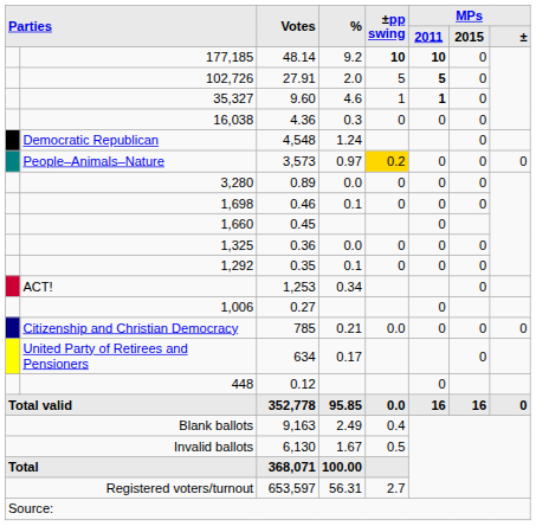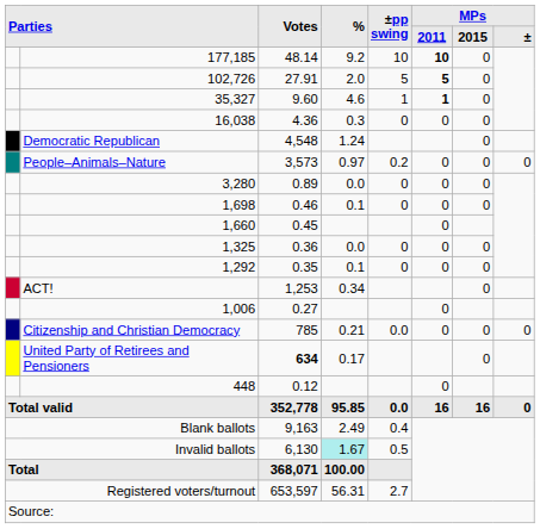 <table class="wikitable" style="text-align:right; font-size:95%;">
 <tr>
 <th rowspan="2" colspan="2" style="background:#e9e9e9; text-align:left;" alignleft><a href='#'>Parties</a></th>
 <th rowspan="2" style="background:#e9e9e9; text-align:right;">Votes</th>
 <th rowspan="2" style="background:#e9e9e9; text-align:right;">%</th>
 <th rowspan="2" style="background:#e9e9e9; text-align:right;">±<a href='#'>pp</a> <a href='#'>swing</a></th>
 <th colspan="3" style="background:#e9e9e9; text-align:center;"><a href='#'>MPs</a></th>
 </tr>
 <tr style="background-color:#E9E9E9">
 <th style="background-color:#E9E9E9;text-align:center;"><a href='#'>2011</a></th>
 <th style="background-color:#E9E9E9;text-align:center;">2015</th>
 <th style="background:#e9e9e9; text-align:right;">±</th>
 </tr>
 <tr>
 <td> </td>
 <td>177,185</td>
 <td>48.14</td>
 <td>9.2</td>
-<td><strong>10</strong></td>
+<td>10</td>
 <td><strong>10</strong></td>
 <td>0</td>
 </tr>
 <tr>
 <td></td>
 <td>102,726</td>
 <td>27.91</td>
 <td>2.0</td>
 <td>5</td>
 <td><strong>5</strong></td>
 <td>0</td>
 </tr>
 <tr>
 <td></td>
 <td>35,327</td>
 <td>9.60</td>
 <td>4.6</td>
 <td>1</td>
 <td><strong>1</strong></td>
 <td>0</td>
 </tr>
 <tr>
 <td></td>
 <td>16,038</td>
 <td>4.36</td>
 <td>0.3</td>
 <td>0</td>
 <td>0</td>
 <td>0</td>
 </tr>
 <tr>
 <td style="width: 10px" bgcolor=black align="center"></td>
 <td align=left><a href='#'>Democratic Republican</a></td>
 <td>4,548</td>
 <td>1.24</td>
 <td></td>
 <td></td>
 <td>0</td>
 <td></td>
 </tr>
 <tr>
 <td style="width: 10px" bgcolor="teal" align="center"></td>
 <td align="left"><a href='#'>People–Animals–Nature</a></td>
 <td>3,573</td>
 <td>0.97</td>
-<td style="background: gold;">0.2</td>
+<td>0.2</td>
 <td>0</td>
 <td>0</td>
 <td>0</td>
 </tr>
 <tr>
 <td></td>
 <td>3,280</td>
 <td>0.89</td>
 <td>0.0</td>
 <td>0</td>
 <td>0</td>
 <td>0</td>
 </tr>
 <tr>
 <td></td>
 <td>1,698</td>
 <td>0.46</td>
 <td>0.1</td>
 <td>0</td>
 <td>0</td>
 <td>0</td>
 </tr>
 <tr>
 <td></td>
 <td>1,660</td>
 <td>0.45</td>
 <td></td>
 <td></td>
 <td>0</td>
 <td></td>
 </tr>
 <tr>
 <td></td>
 <td>1,325</td>
 <td>0.36</td>
 <td>0.0</td>
 <td>0</td>
 <td>0</td>
 <td>0</td>
 </tr>
 <tr>
 <td></td>
 <td>1,292</td>
 <td>0.35</td>
 <td>0.1</td>
 <td>0</td>
 <td>0</td>
 <td>0</td>
 </tr>
 <tr>
 <td style="width:10px; background:#CC0033; text-align:center;"></td>
 <td style="text-align:left;">ACT! </td>
 <td>1,253</td>
 <td>0.34</td>
 <td></td>
 <td></td>
 <td>0</td>
 <td></td>
 </tr>
 <tr>
 <td></td>
 <td>1,006</td>
 <td>0.27</td>
 <td></td>
 <td></td>
 <td>0</td>
 <td></td>
 </tr>
 <tr>
 <td style="width: 10px" bgcolor=#000080 align="center"></td>
 <td align=left><a href='#'>Citizenship and Christian Democracy</a></td>
 <td>785</td>
 <td>0.21</td>
 <td>0.0</td>
 <td>0</td>
 <td>0</td>
 <td>0</td>
 </tr>
 <tr>
 <td style="width: 10px" bgcolor=yellow align="center"></td>
 <td align=left><a href='#'>United Party of Retirees and Pensioners</a></td>
-<td>634</td>
+<td><strong>634</strong></td>
 <td>0.17</td>
 <td></td>
 <td></td>
 <td>0</td>
 <td></td>
 </tr>
 <tr>
 <td></td>
 <td>448</td>
 <td>0.12</td>
 <td></td>
 <td></td>
 <td>0</td>
 <td></td>
 </tr>
 <tr>
 <td colspan=2 align=left style="background-color:#E9E9E9"><strong>Total valid</strong></td>
 <td width="65" align="right" style="background-color:#E9E9E9"><strong>352,778</strong></td>
 <td width="40" align="right" style="background-color:#E9E9E9"><strong>95.85</strong></td>
 <td width="40" align="right" style="background-color:#E9E9E9"><strong>0.0</strong></td>
 <td width="40" align="right" style="background-color:#E9E9E9"><strong>16</strong></td>
 <td width="40" align="right" style="background-color:#E9E9E9"><strong>16</strong></td>
 <td width="40" align="right" style="background-color:#E9E9E9"><strong>0</strong></td>
 </tr>
 <tr>
 <td colspan=2>Blank ballots</td>
 <td>9,163</td>
 <td>2.49</td>
 <td>0.4</td>
 <td colspan=4 rowspan=4></td>
 </tr>
 <tr>
 <td colspan=2>Invalid ballots</td>
 <td>6,130</td>
-<td>1.67</td>
+<td style="background: paleturquoise;">1.67</td>
 <td>0.5</td>
 </tr>
 <tr>
 <td colspan=2 width="259" align=left style="background-color:#E9E9E9"><strong>Total</strong></td>
 <td width="50" align="right" style="background-color:#E9E9E9"><strong>368,071</strong></td>
 <td width="40" align="right" style="background-color:#E9E9E9"><strong>100.00</strong></td>
 <td width="40" align="right" style="background-color:#E9E9E9"></td>
 </tr>
 <tr>
 <td colspan=2>Registered voters/turnout</td>
 <td>653,597</td>
 <td>56.31</td>
 <td>2.7</td>
 </tr>
 <tr>
 <td colspan=11 align=left>Source: </td>
 </tr>
 </table>
